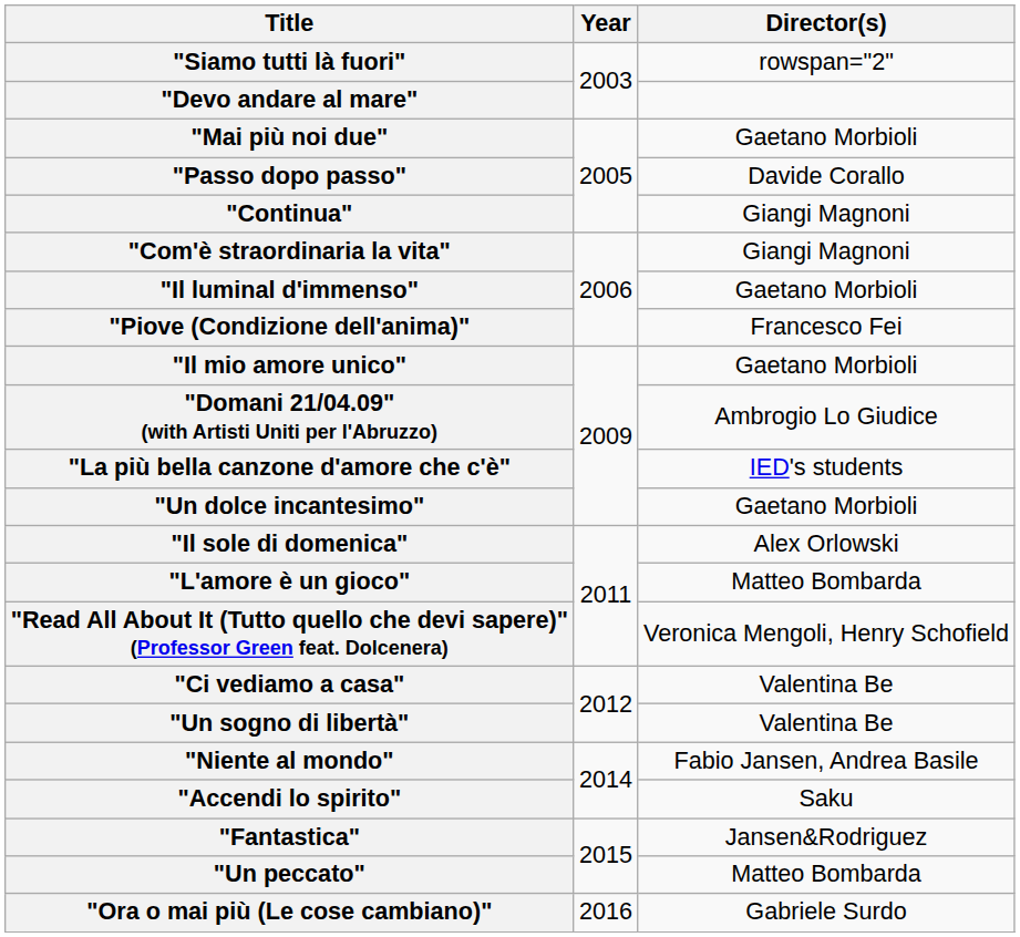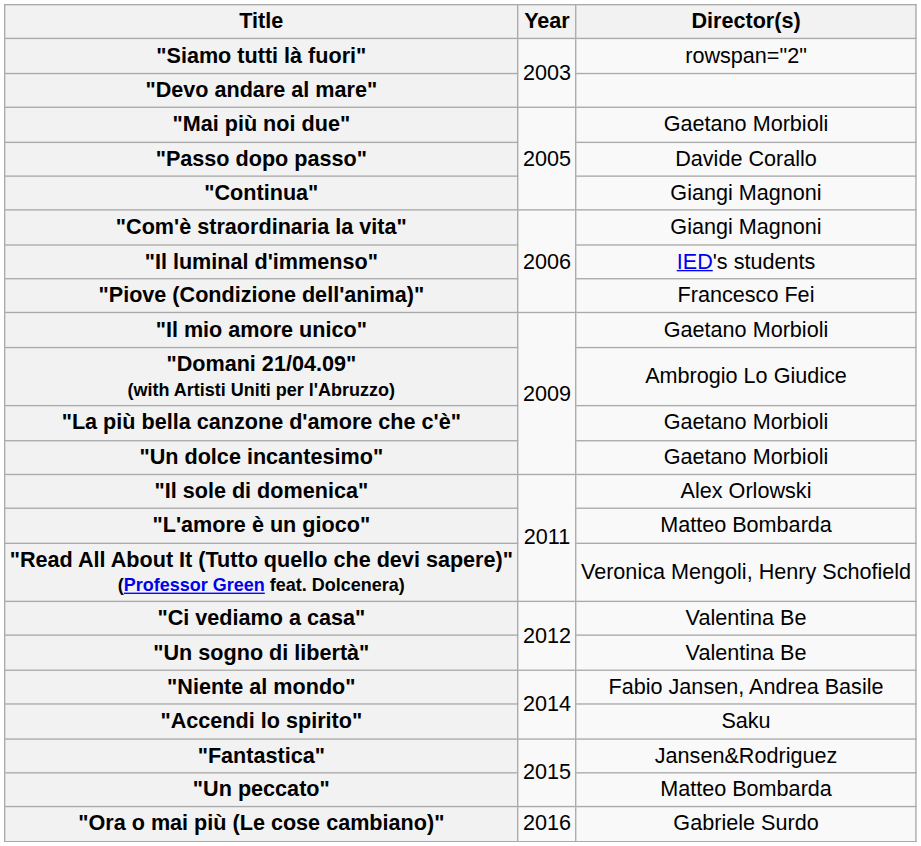 <table class="wikitable plainrowheaders" style="text-align:center;">
 <tr>
 <th scope="col">Title</th>
 <th scope="col">Year</th>
 <th scope="col">Director(s)</th>
 </tr>
 <tr>
 <th scope="row">"Siamo tutti là fuori"</th>
 <td rowspan="2">2003</td>
 <td>rowspan="2" </td>
 </tr>
 <tr>
 <th scope="row">"Devo andare al mare"</th>
 </tr>
 <tr>
 <th scope="row">"Mai più noi due"</th>
 <td rowspan="3">2005</td>
 <td>Gaetano Morbioli</td>
 </tr>
 <tr>
 <th scope="row">"Passo dopo passo"</th>
 <td>Davide Corallo</td>
 </tr>
 <tr>
 <th scope="row">"Continua"</th>
 <td>Giangi Magnoni</td>
 </tr>
 <tr>
 <th scope="row">"Com'è straordinaria la vita"</th>
 <td rowspan="3">2006</td>
 <td>Giangi Magnoni</td>
 </tr>
 <tr>
 <th scope="row">"Il luminal d'immenso"</th>
-<td>Gaetano Morbioli</td>
+<td><a href='#'>IED</a>'s students</td>
 </tr>
 <tr>
 <th scope="row">"Piove (Condizione dell'anima)"</th>
 <td>Francesco Fei</td>
 </tr>
 <tr>
 <th scope="row">"Il mio amore unico"</th>
 <td rowspan="4">2009</td>
 <td>Gaetano Morbioli</td>
 </tr>
 <tr>
 <th scope="row">"Domani 21/04.09"<br><small>(with Artisti Uniti per l'Abruzzo)</small></th>
 <td>Ambrogio Lo Giudice</td>
 </tr>
 <tr>
 <th scope="row">"La più bella canzone d'amore che c'è"</th>
-<td><a href='#'>IED</a>'s students</td>
+<td>Gaetano Morbioli</td>
 </tr>
 <tr>
 <th scope="row">"Un dolce incantesimo"</th>
 <td>Gaetano Morbioli</td>
 </tr>
 <tr>
 <th scope="row">"Il sole di domenica"</th>
 <td rowspan="3">2011</td>
 <td>Alex Orlowski</td>
 </tr>
 <tr>
 <th scope="row">"L'amore è un gioco"</th>
 <td>Matteo Bombarda</td>
 </tr>
 <tr>
 <th scope="row">"Read All About It (Tutto quello che devi sapere)"<br><small>(<a href='#'>Professor Green</a> feat. Dolcenera)</small></th>
 <td>Veronica Mengoli, Henry Schofield</td>
 </tr>
 <tr>
 <th scope="row">"Ci vediamo a casa"</th>
 <td rowspan="2">2012</td>
 <td>Valentina Be</td>
 </tr>
 <tr>
 <th scope="row">"Un sogno di libertà"</th>
 <td>Valentina Be</td>
 </tr>
 <tr>
 <th scope="row">"Niente al mondo"</th>
 <td rowspan="2">2014</td>
 <td>Fabio Jansen, Andrea Basile</td>
 </tr>
 <tr>
 <th scope="row">"Accendi lo spirito"</th>
 <td>Saku</td>
 </tr>
 <tr>
 <th scope="row">"Fantastica"</th>
 <td rowspan="2">2015</td>
 <td>Jansen&Rodriguez</td>
 </tr>
 <tr>
 <th scope="row">"Un peccato"</th>
 <td>Matteo Bombarda</td>
 </tr>
 <tr>
 <th scope="row">"Ora o mai più (Le cose cambiano)"</th>
 <td>2016</td>
 <td>Gabriele Surdo</td>
 </tr>
 <tr>
 </tr>
 </table>
